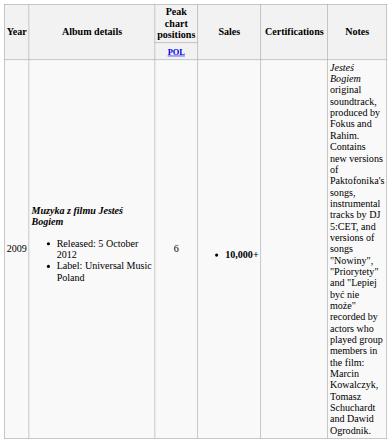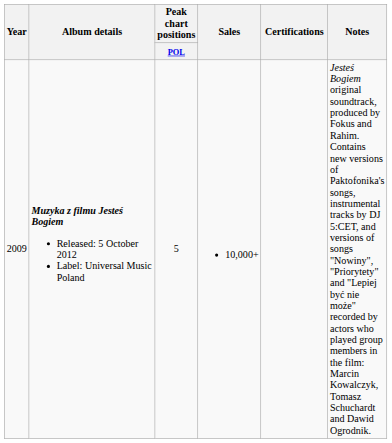 <table class=wikitable style=text-align:center;>
 <tr>
 <th rowspan=2 width=30px>Year</th>
 <th rowspan=2 width=220px>Album details</th>
 <th colspan=1>Peak chart positions</th>
 <th rowspan=2>Sales</th>
 <th rowspan=2 width=100px>Certifications</th>
 <th rowspan=2>Notes</th>
 </tr>
 <tr style="vertical-align:top;line-height:1.2">
 <th width=25px><small><a href='#'>POL</a></small><br></th>
 </tr>
 <tr>
 <td>2009</td>
 <td align=left><strong><em>Muzyka z filmu Jesteś Bogiem</em></strong><br><ul><li>Released: 5 October 2012</li><li>Label: Universal Music Poland</li></ul></td>
-<td>6</td>
-<td><strong><br><ul><li>10,000+</li></ul></strong></td>
+<td>5</td>
+<td><br><ul><li>10,000+</li></ul></td>
 <td></td>
 <td align=left><em>Jesteś Bogiem</em> original soundtrack, produced by Fokus and Rahim.<br>Contains new versions of Paktofonika's songs, instrumental tracks by DJ 5:CET, and versions of songs "Nowiny", "Priorytety" and "Lepiej być nie może" recorded by actors who played group members in the film: Marcin Kowalczyk, Tomasz Schuchardt and Dawid Ogrodnik.</td>
 </tr>
 </table>
